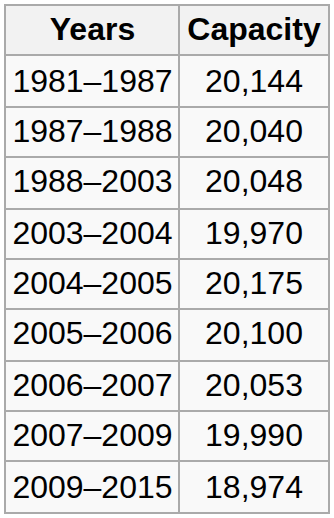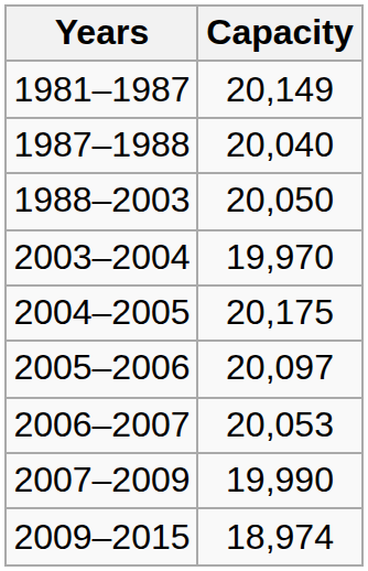 <table class="wikitable" style="text-align:center;">
 <tr>
 <th>Years</th>
 <th>Capacity</th>
 </tr>
 <tr>
 <td>1981–1987</td>
-<td>20,144</td>
+<td>20,149</td>
 </tr>
 <tr>
 <td>1987–1988</td>
 <td>20,040</td>
 </tr>
 <tr>
 <td>1988–2003</td>
-<td>20,048</td>
+<td>20,050</td>
 </tr>
 <tr>
 <td>2003–2004</td>
 <td>19,970</td>
 </tr>
 <tr>
 <td>2004–2005</td>
 <td>20,175</td>
 </tr>
 <tr>
 <td>2005–2006</td>
-<td>20,100</td>
+<td>20,097</td>
 </tr>
 <tr>
 <td>2006–2007</td>
 <td>20,053</td>
 </tr>
 <tr>
 <td>2007–2009</td>
 <td>19,990</td>
 </tr>
 <tr>
 <td>2009–2015</td>
 <td>18,974</td>
 </tr>
 </table>
